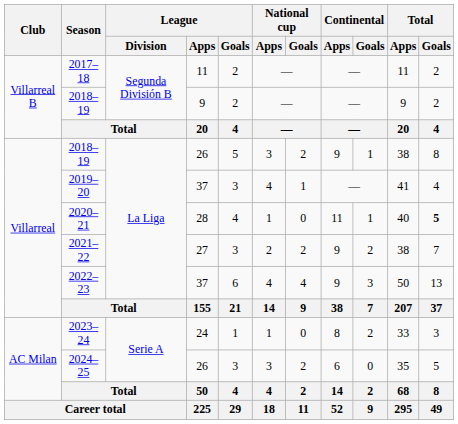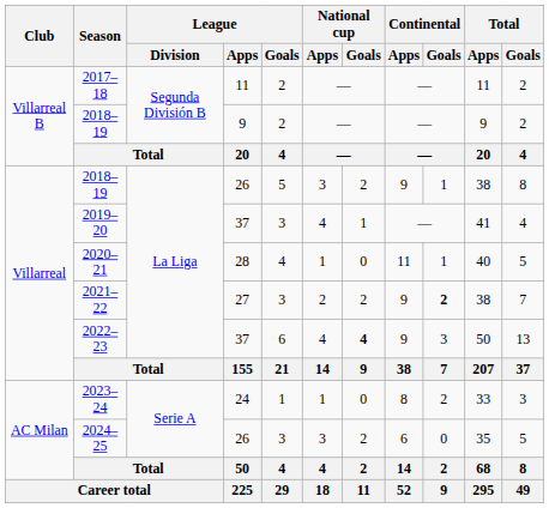 <table class="wikitable" style="text-align:center">
 <tr>
 <th rowspan="2">Club</th>
 <th rowspan="2">Season</th>
 <th colspan="3">League</th>
 <th colspan="2">National cup</th>
 <th colspan="2">Continental</th>
 <th colspan="2">Total</th>
 </tr>
 <tr>
 <th>Division</th>
 <th>Apps</th>
 <th>Goals</th>
 <th>Apps</th>
 <th>Goals</th>
 <th>Apps</th>
 <th>Goals</th>
 <th>Apps</th>
 <th>Goals</th>
 </tr>
 <tr>
 <td rowspan="3"><a href='#'>Villarreal B</a></td>
 <td><a href='#'>2017–18</a></td>
 <td rowspan="2"><a href='#'>Segunda División B</a></td>
 <td>11</td>
 <td>2</td>
 <td colspan="2">—</td>
 <td colspan="2">—</td>
 <td>11</td>
 <td>2</td>
 </tr>
 <tr>
 <td><a href='#'>2018–19</a></td>
 <td>9</td>
 <td>2</td>
 <td colspan="2">—</td>
 <td colspan="2">—</td>
 <td>9</td>
 <td>2</td>
 </tr>
 <tr>
 <th colspan="2">Total</th>
 <th>20</th>
 <th>4</th>
 <th colspan="2">—</th>
 <th colspan="2">—</th>
 <th>20</th>
 <th>4</th>
 </tr>
 <tr>
 <td rowspan="6"><a href='#'>Villarreal</a></td>
 <td><a href='#'>2018–19</a></td>
 <td rowspan="5"><a href='#'>La Liga</a></td>
 <td>26</td>
 <td>5</td>
 <td>3</td>
 <td>2</td>
 <td>9</td>
 <td>1</td>
 <td>38</td>
 <td>8</td>
 </tr>
 <tr>
 <td><a href='#'>2019–20</a></td>
 <td>37</td>
 <td>3</td>
 <td>4</td>
 <td>1</td>
 <td colspan="2">—</td>
 <td>41</td>
 <td>4</td>
 </tr>
 <tr>
 <td><a href='#'>2020–21</a></td>
 <td>28</td>
 <td>4</td>
 <td>1</td>
 <td>0</td>
 <td>11</td>
 <td>1</td>
 <td>40</td>
-<td><strong>5</strong></td>
+<td>5</td>
 </tr>
 <tr>
 <td><a href='#'>2021–22</a></td>
 <td>27</td>
 <td>3</td>
 <td>2</td>
 <td>2</td>
 <td>9</td>
-<td>2</td>
+<td><strong>2</strong></td>
 <td>38</td>
 <td>7</td>
 </tr>
 <tr>
 <td><a href='#'>2022–23</a></td>
 <td>37</td>
 <td>6</td>
 <td>4</td>
-<td>4</td>
+<td><strong>4</strong></td>
 <td>9</td>
 <td>3</td>
 <td>50</td>
 <td>13</td>
 </tr>
 <tr>
 <th colspan="2">Total</th>
 <th>155</th>
 <th>21</th>
 <th>14</th>
 <th>9</th>
 <th>38</th>
 <th>7</th>
 <th>207</th>
 <th>37</th>
 </tr>
 <tr>
 <td rowspan="3"><a href='#'>AC Milan</a></td>
 <td><a href='#'>2023–24</a></td>
 <td rowspan="2"><a href='#'>Serie A</a></td>
 <td>24</td>
 <td>1</td>
 <td>1</td>
 <td>0</td>
 <td>8</td>
 <td>2</td>
 <td>33</td>
 <td>3</td>
 </tr>
 <tr>
 <td><a href='#'>2024–25</a></td>
 <td>26</td>
 <td>3</td>
 <td>3</td>
 <td>2</td>
 <td>6</td>
 <td>0</td>
 <td>35</td>
 <td>5</td>
 </tr>
 <tr>
 <th colspan="2">Total</th>
 <th>50</th>
 <th>4</th>
 <th>4</th>
 <th>2</th>
 <th>14</th>
 <th>2</th>
 <th>68</th>
 <th>8</th>
 </tr>
 <tr>
 <th colspan="3">Career total</th>
 <th>225</th>
 <th>29</th>
 <th>18</th>
 <th>11</th>
 <th>52</th>
 <th>9</th>
 <th>295</th>
 <th>49</th>
 </tr>
 </table>
